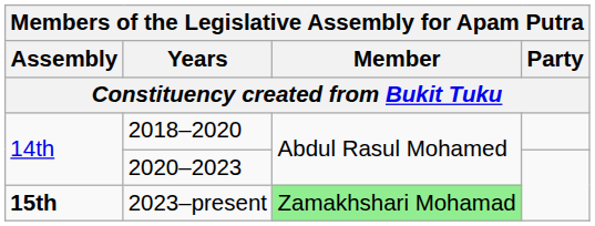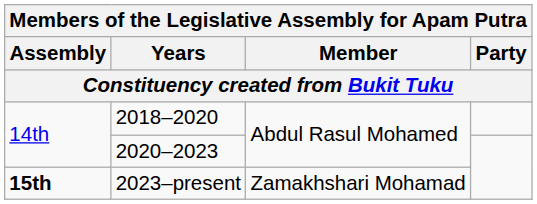 <table class=wikitable>
 <tr>
 <th colspan=4>Members of the Legislative Assembly for Apam Putra</th>
 </tr>
 <tr>
 <th>Assembly</th>
 <th>Years</th>
 <th>Member</th>
 <th>Party</th>
 </tr>
 <tr>
 <th colspan=4 align=center><em>Constituency created from <a href='#'>Bukit Tuku</a></em></th>
 </tr>
 <tr>
 <td rowspan="2"><a href='#'>14th</a></td>
 <td>2018–2020</td>
 <td rowspan="2">Abdul Rasul Mohamed</td>
 <td></td>
 </tr>
 <tr>
 <td>2020–2023</td>
 <td rowspan=2></td>
 </tr>
 <tr>
 <td><strong>15th</strong></td>
 <td>2023–present</td>
-<td style="background: lightgreen;">Zamakhshari Mohamad</td>
+<td>Zamakhshari Mohamad</td>
 </tr>
 </table>
